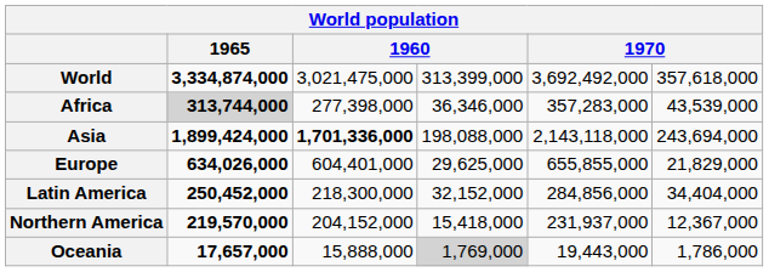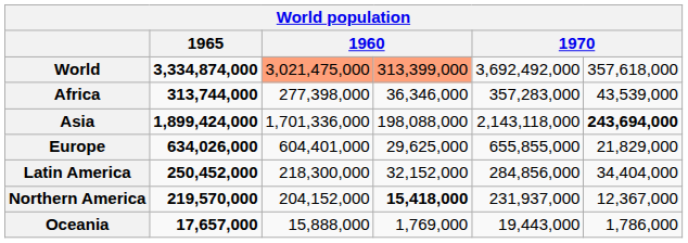 <table class="wikitable">
 <tr>
 <th colspan="7"><a href='#'>World population</a></th>
 </tr>
 <tr>
 <th></th>
 <th>1965</th>
 <th colspan="2"><a href='#'>1960</a></th>
 <th colspan="2"><a href='#'>1970</a></th>
 </tr>
 <tr>
 <th> World</th>
 <td align="right"><strong>3,334,874,000</strong></td>
-<td align="right">3,021,475,000</td>
-<td align="right"> 313,399,000</td>
+<td align="right" style="background: lightsalmon;">3,021,475,000</td>
+<td align="right" style="background: lightsalmon;"> 313,399,000</td>
 <td align="right">3,692,492,000</td>
 <td align="right"> 357,618,000</td>
 </tr>
 <tr>
 <th> Africa</th>
-<td align="right" style="background: lightgrey;"><strong>313,744,000</strong></td>
+<td align="right"><strong>313,744,000</strong></td>
 <td align="right">277,398,000</td>
 <td align="right"> 36,346,000</td>
 <td align="right">357,283,000</td>
 <td align="right"> 43,539,000</td>
 </tr>
 <tr>
 <th> Asia</th>
 <td align="right"><strong>1,899,424,000</strong></td>
-<td align="right"><strong>1,701,336,000</strong></td>
+<td align="right">1,701,336,000</td>
 <td align="right"> 198,088,000</td>
 <td align="right">2,143,118,000</td>
-<td align="right"> 243,694,000</td>
+<td align="right"><strong> 243,694,000</strong></td>
 </tr>
 <tr>
 <th> Europe</th>
 <td align="right"><strong>634,026,000</strong></td>
 <td align="right">604,401,000</td>
 <td align="right"> 29,625,000</td>
 <td align="right">655,855,000</td>
 <td align="right"> 21,829,000</td>
 </tr>
 <tr>
 <th> Latin America</th>
 <td align="right"><strong>250,452,000</strong></td>
 <td align="right">218,300,000</td>
 <td align="right"> 32,152,000</td>
 <td align="right">284,856,000</td>
 <td align="right"> 34,404,000</td>
 </tr>
 <tr>
 <th> Northern America</th>
 <td align="right"><strong>219,570,000</strong></td>
 <td align="right">204,152,000</td>
-<td align="right"> 15,418,000</td>
+<td align="right"><strong> 15,418,000</strong></td>
 <td align="right">231,937,000</td>
 <td align="right"> 12,367,000</td>
 </tr>
 <tr>
 <th> Oceania</th>
 <td align="right"><strong>17,657,000</strong></td>
 <td align="right">15,888,000</td>
-<td align="right" style="background: lightgrey;"> 1,769,000</td>
+<td align="right"> 1,769,000</td>
 <td align="right">19,443,000</td>
 <td align="right"> 1,786,000</td>
 </tr>
 </table>
